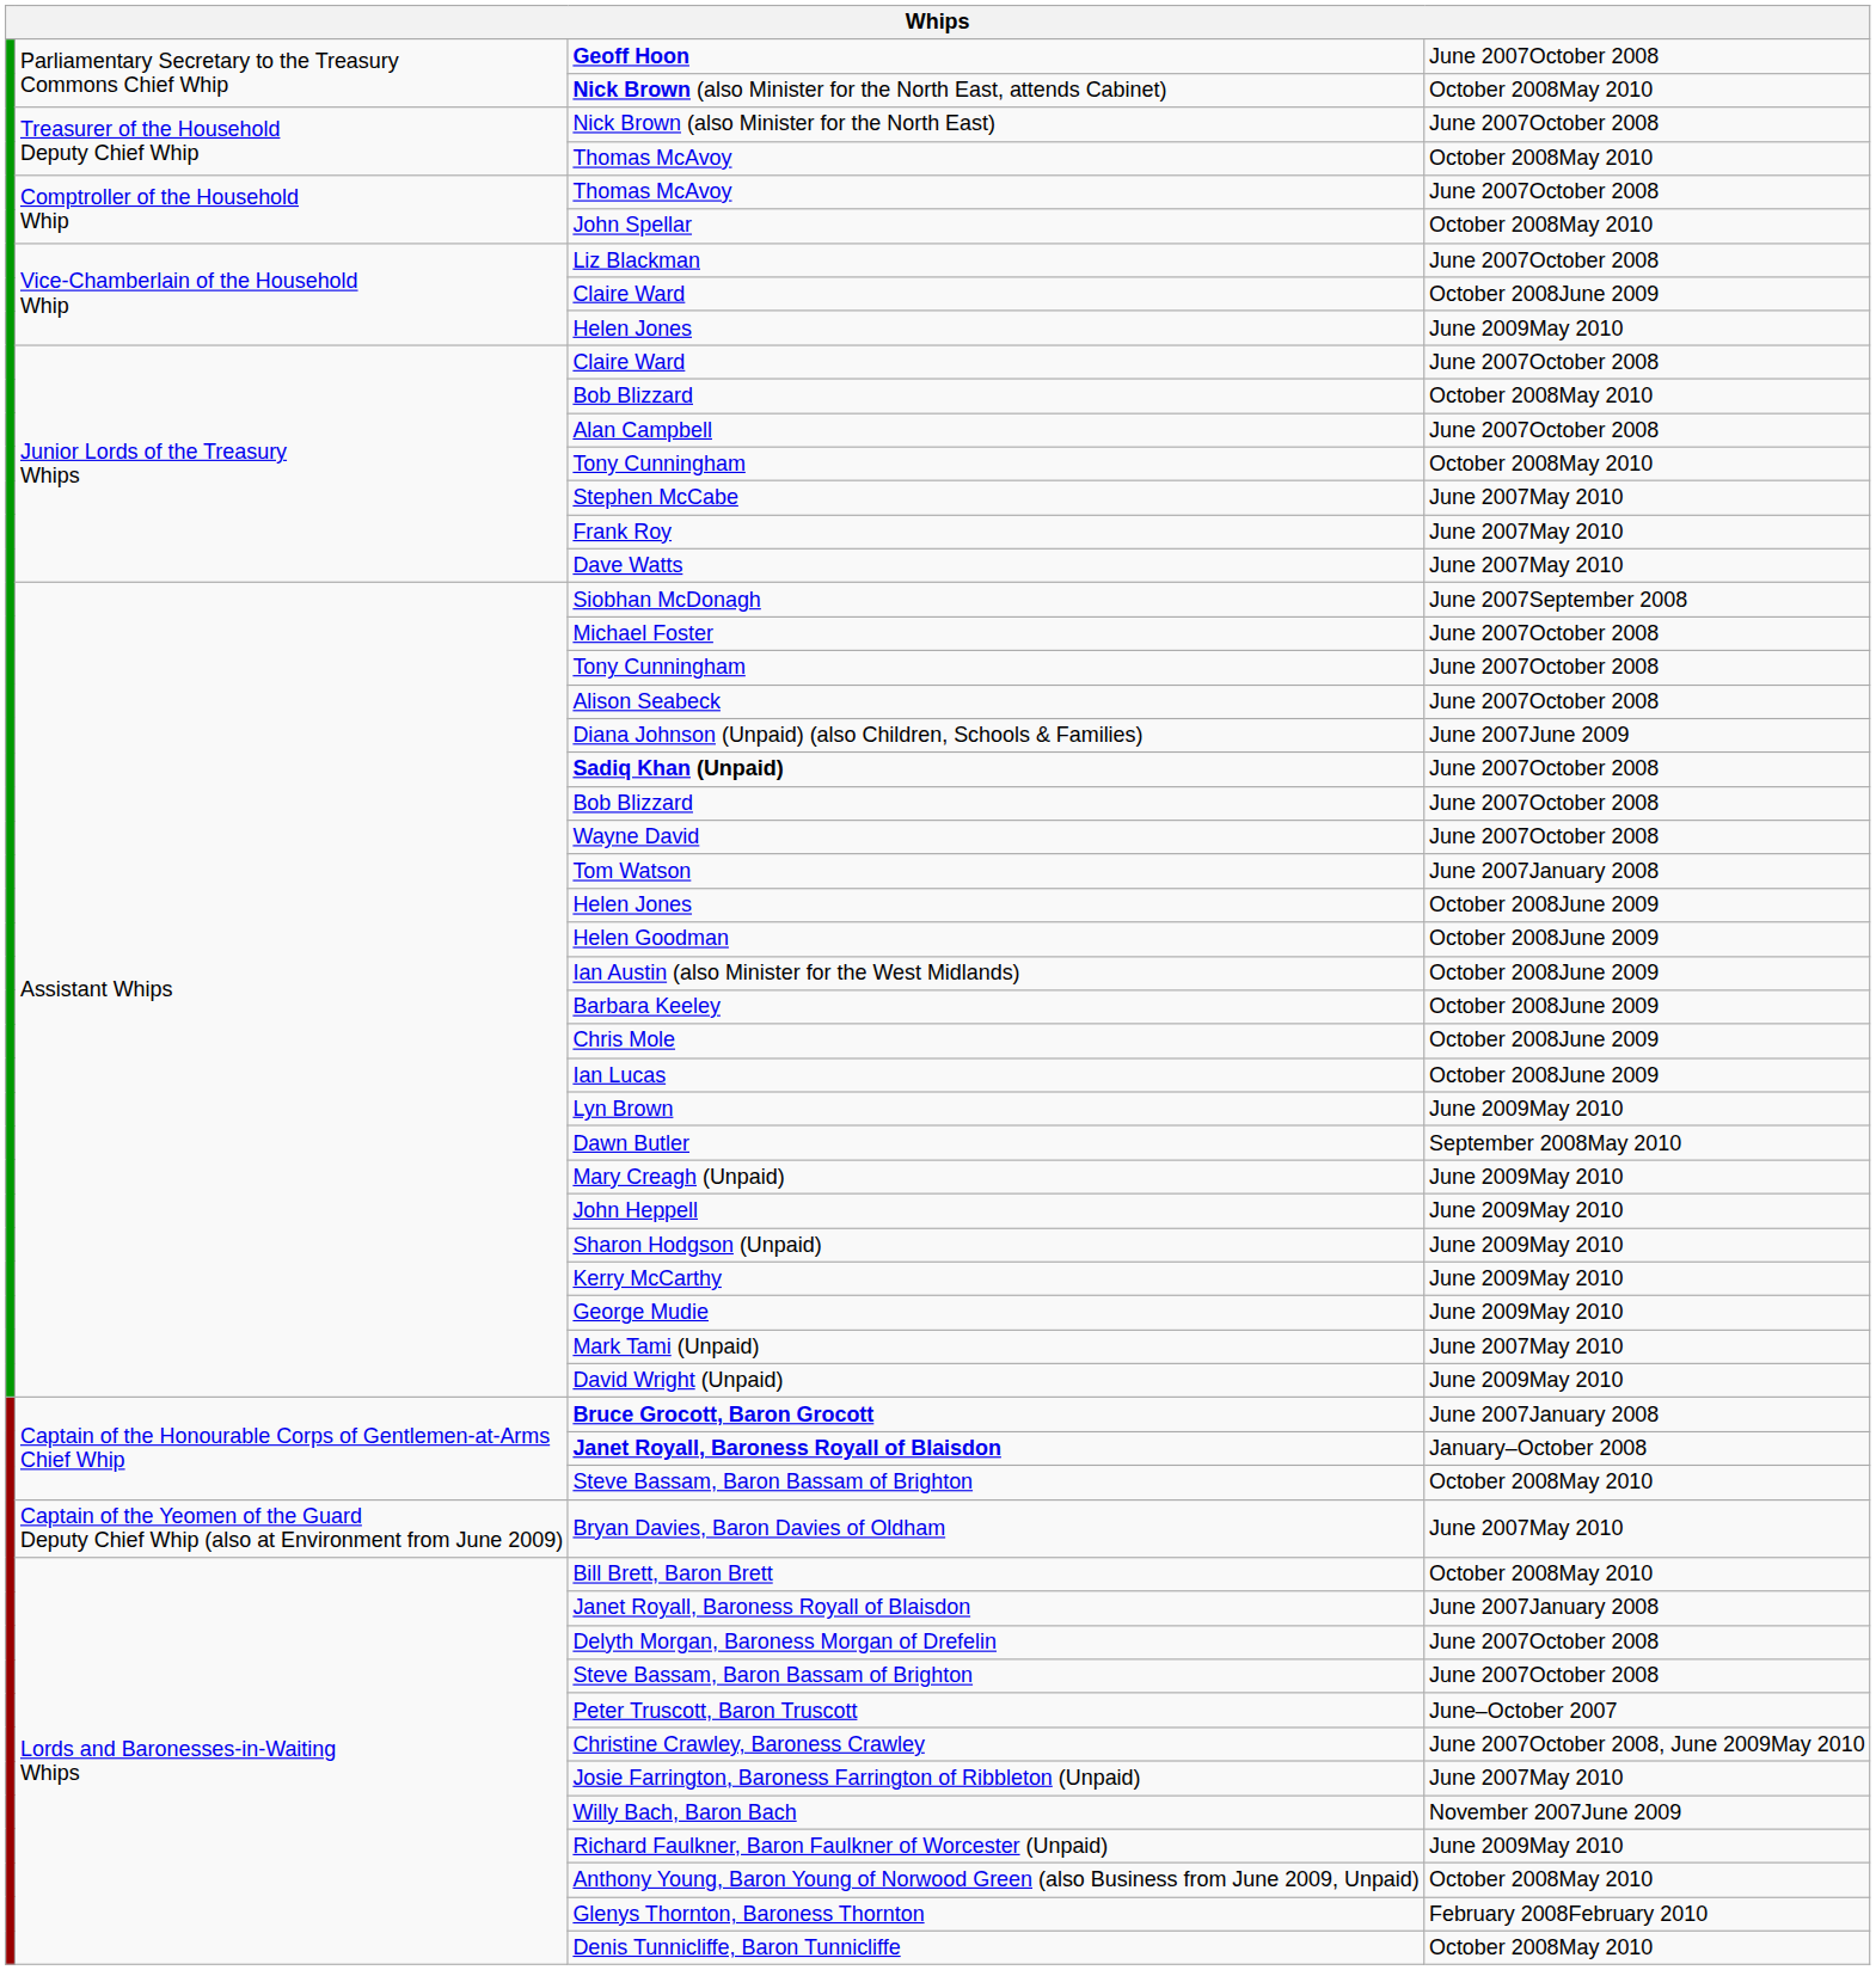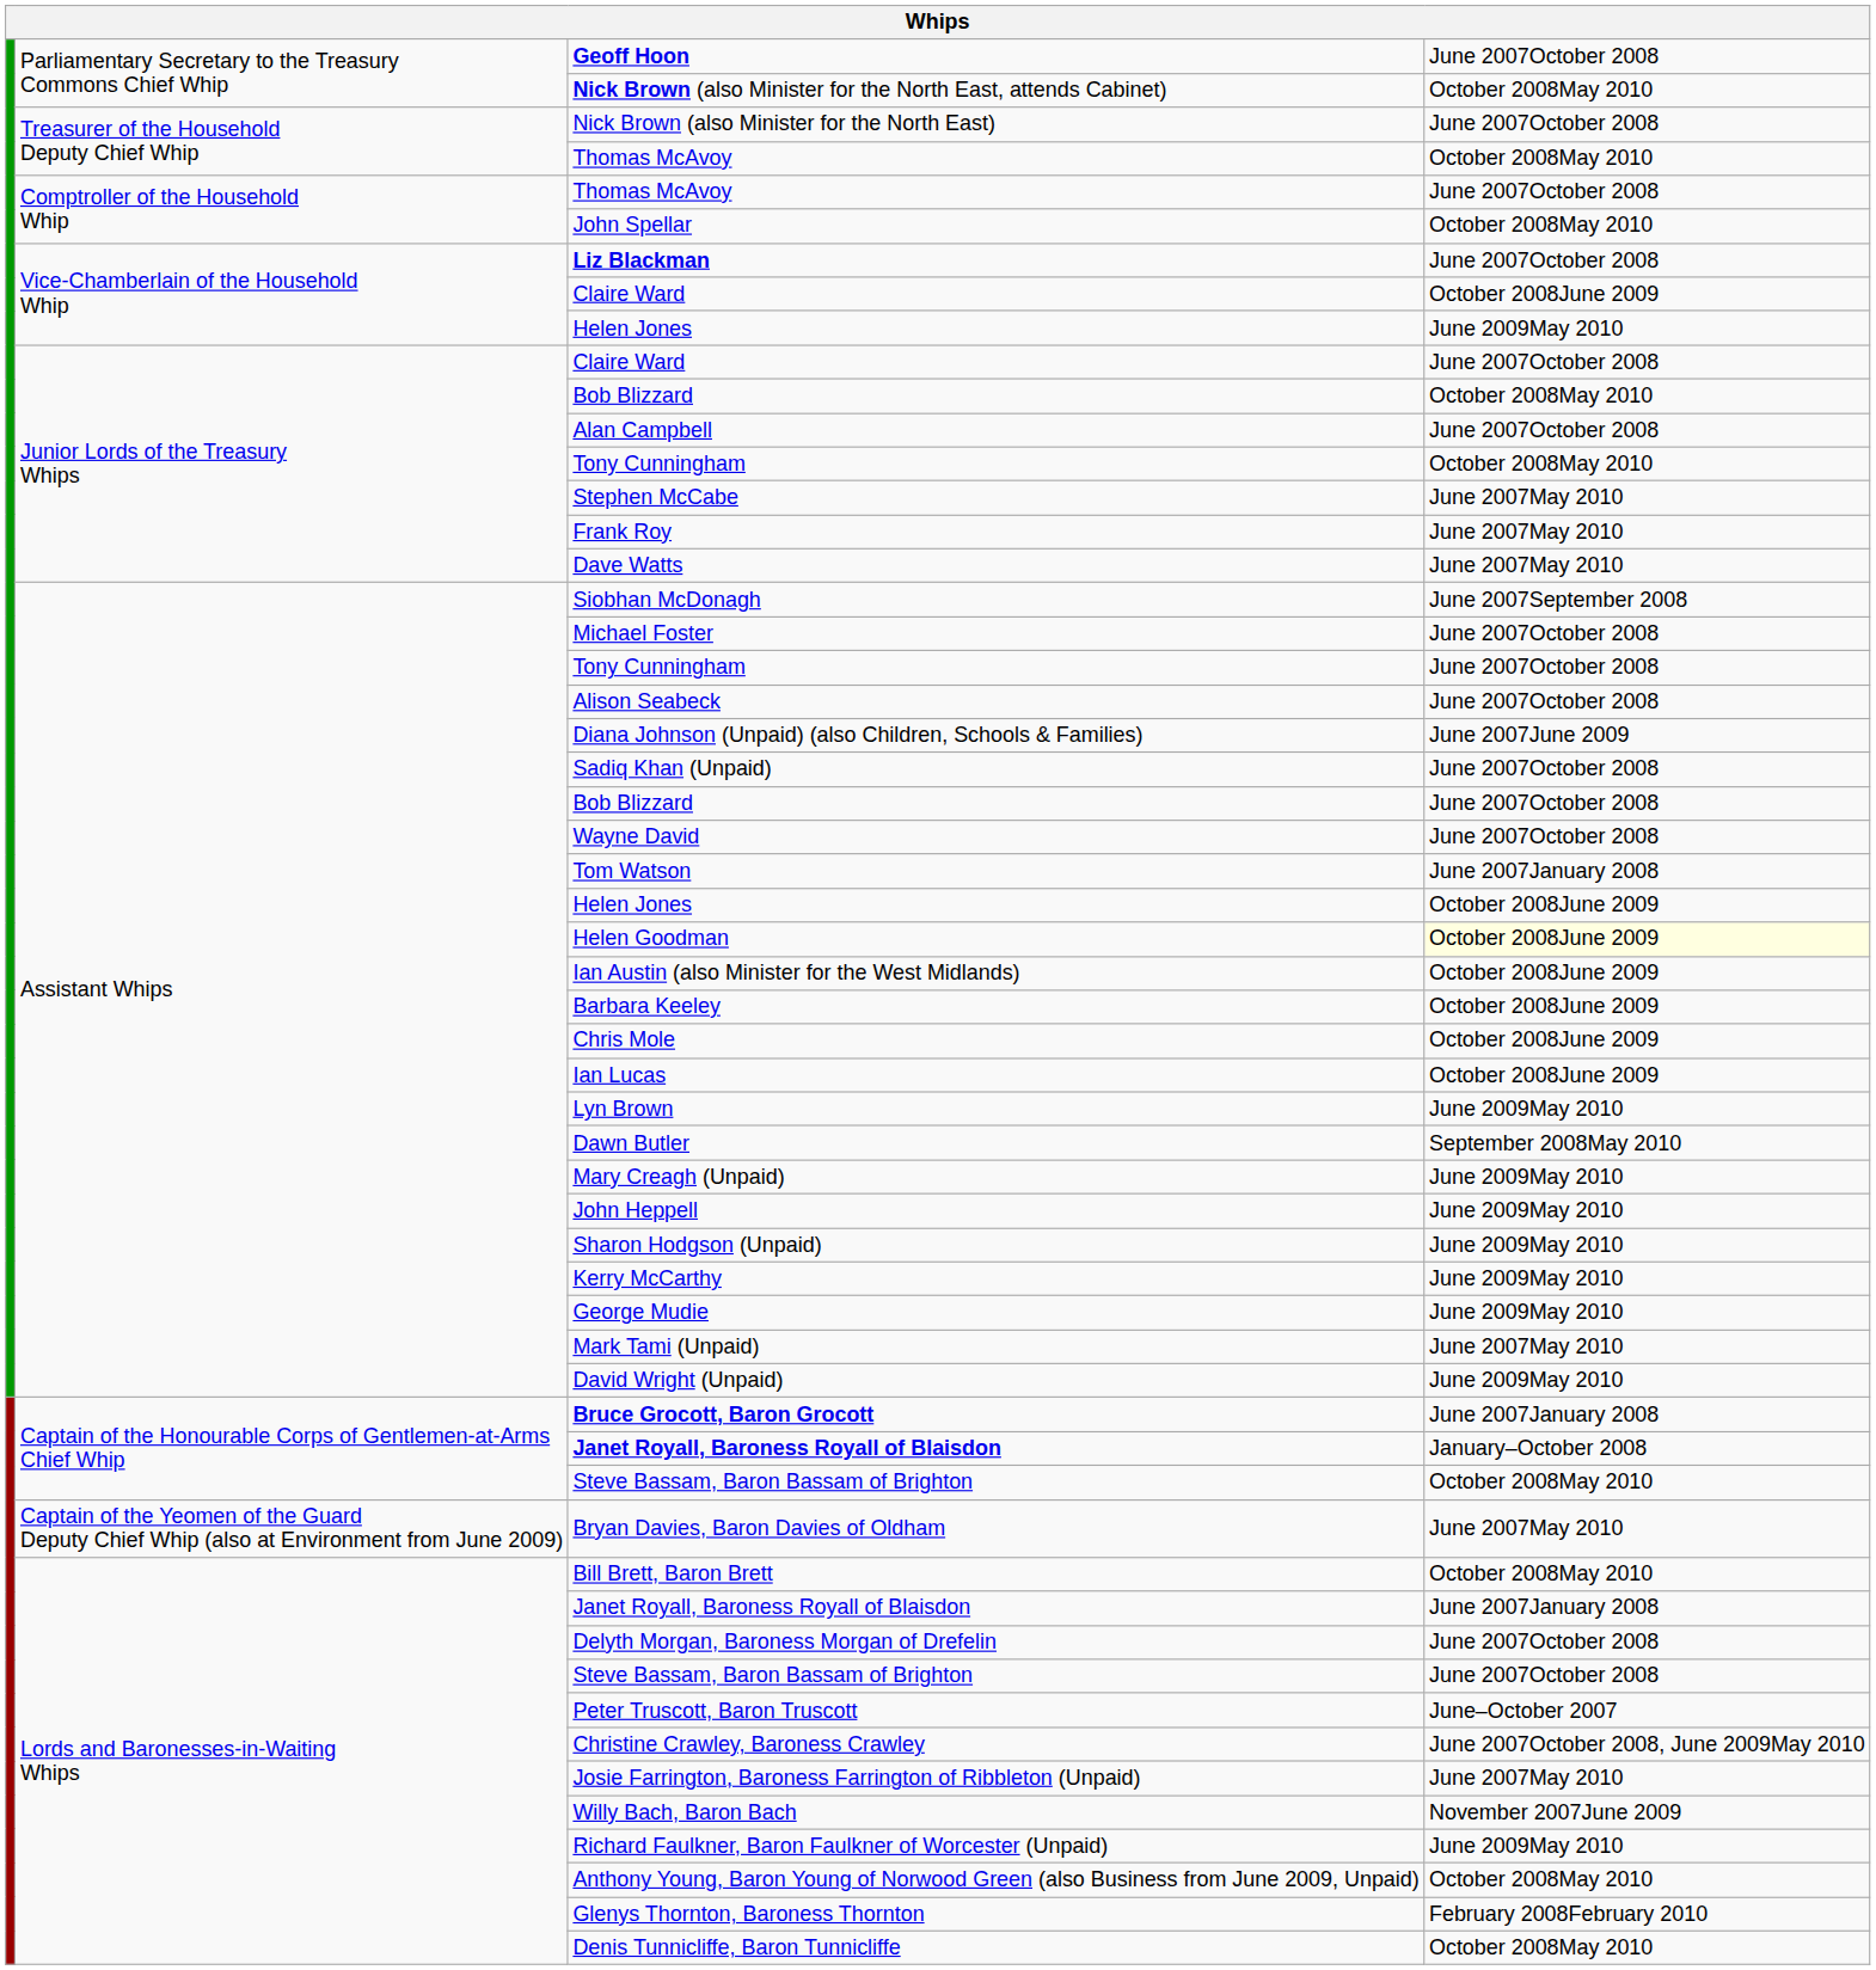 <table class="wikitable">
 <tr>
 <th colspan=4>Whips</th>
 </tr>
 <tr>
 <td rowspan=40 bgcolor="009900"></td>
 <td rowspan=2>Parliamentary Secretary to the Treasury<br>Commons Chief Whip</td>
 <td><strong><a href='#'>Geoff Hoon</a></strong></td>
 <td>June 2007October 2008</td>
 </tr>
 <tr>
 <td><strong><a href='#'>Nick Brown</a></strong> (also Minister for the North East, attends Cabinet)</td>
 <td>October 2008May 2010</td>
 </tr>
 <tr>
 <td rowspan=2><a href='#'>Treasurer of the Household</a><br>Deputy Chief Whip</td>
 <td><a href='#'>Nick Brown</a> (also Minister for the North East)</td>
 <td>June 2007October 2008</td>
 </tr>
 <tr>
 <td><a href='#'>Thomas McAvoy</a></td>
 <td>October 2008May 2010</td>
 </tr>
 <tr>
 <td rowspan=2><a href='#'>Comptroller of the Household</a><br>Whip</td>
 <td><a href='#'>Thomas McAvoy</a></td>
 <td>June 2007October 2008</td>
 </tr>
 <tr>
 <td><a href='#'>John Spellar</a></td>
 <td>October 2008May 2010</td>
 </tr>
 <tr>
 <td rowspan=3><a href='#'>Vice-Chamberlain of the Household</a><br>Whip</td>
-<td><a href='#'>Liz Blackman</a></td>
+<td><strong><a href='#'>Liz Blackman</a></strong></td>
 <td>June 2007October 2008</td>
 </tr>
 <tr>
 <td><a href='#'>Claire Ward</a></td>
 <td>October 2008June 2009</td>
 </tr>
 <tr>
 <td><a href='#'>Helen Jones</a></td>
 <td>June 2009May 2010</td>
 </tr>
 <tr>
 <td rowspan=7><a href='#'>Junior Lords of the Treasury</a><br>Whips</td>
 <td><a href='#'>Claire Ward</a></td>
 <td>June 2007October 2008</td>
 </tr>
 <tr>
 <td><a href='#'>Bob Blizzard</a></td>
 <td>October 2008May 2010</td>
 </tr>
 <tr>
 <td><a href='#'>Alan Campbell</a></td>
 <td>June 2007October 2008</td>
 </tr>
 <tr>
 <td><a href='#'>Tony Cunningham</a></td>
 <td>October 2008May 2010</td>
 </tr>
 <tr>
 <td><a href='#'>Stephen McCabe</a></td>
 <td>June 2007May 2010</td>
 </tr>
 <tr>
 <td><a href='#'>Frank Roy</a></td>
 <td>June 2007May 2010</td>
 </tr>
 <tr>
 <td><a href='#'>Dave Watts</a></td>
 <td>June 2007May 2010</td>
 </tr>
 <tr>
 <td rowspan=24>Assistant Whips</td>
 <td><a href='#'>Siobhan McDonagh</a></td>
 <td>June 2007September 2008</td>
 </tr>
 <tr>
 <td><a href='#'>Michael Foster</a></td>
 <td>June 2007October 2008</td>
 </tr>
 <tr>
 <td><a href='#'>Tony Cunningham</a></td>
 <td>June 2007October 2008</td>
 </tr>
 <tr>
 <td><a href='#'>Alison Seabeck</a></td>
 <td>June 2007October 2008</td>
 </tr>
 <tr>
 <td><a href='#'>Diana Johnson</a> (Unpaid) (also Children, Schools & Families)</td>
 <td>June 2007June 2009</td>
 </tr>
 <tr>
-<td><strong><a href='#'>Sadiq Khan</a> (Unpaid)</strong></td>
+<td><a href='#'>Sadiq Khan</a> (Unpaid)</td>
 <td>June 2007October 2008</td>
 </tr>
 <tr>
 <td><a href='#'>Bob Blizzard</a></td>
 <td>June 2007October 2008</td>
 </tr>
 <tr>
 <td><a href='#'>Wayne David</a></td>
 <td>June 2007October 2008</td>
 </tr>
 <tr>
 <td><a href='#'>Tom Watson</a></td>
 <td>June 2007January 2008</td>
 </tr>
 <tr>
 <td><a href='#'>Helen Jones</a></td>
 <td>October 2008June 2009</td>
 </tr>
 <tr>
 <td><a href='#'>Helen Goodman</a></td>
-<td>October 2008June 2009</td>
+<td style="background: lightyellow;">October 2008June 2009</td>
 </tr>
 <tr>
 <td><a href='#'>Ian Austin</a> (also Minister for the West Midlands)</td>
 <td>October 2008June 2009</td>
 </tr>
 <tr>
 <td><a href='#'>Barbara Keeley</a></td>
 <td>October 2008June 2009</td>
 </tr>
 <tr>
 <td><a href='#'>Chris Mole</a></td>
 <td>October 2008June 2009</td>
 </tr>
 <tr>
 <td><a href='#'>Ian Lucas</a></td>
 <td>October 2008June 2009</td>
 </tr>
 <tr>
 <td><a href='#'>Lyn Brown</a></td>
 <td>June 2009May 2010</td>
 </tr>
 <tr>
 <td><a href='#'>Dawn Butler</a></td>
 <td>September 2008May 2010</td>
 </tr>
 <tr>
 <td><a href='#'>Mary Creagh</a> (Unpaid)</td>
 <td>June 2009May 2010</td>
 </tr>
 <tr>
 <td><a href='#'>John Heppell</a></td>
 <td>June 2009May 2010</td>
 </tr>
 <tr>
 <td><a href='#'>Sharon Hodgson</a> (Unpaid)</td>
 <td>June 2009May 2010</td>
 </tr>
 <tr>
 <td><a href='#'>Kerry McCarthy</a></td>
 <td>June 2009May 2010</td>
 </tr>
 <tr>
 <td><a href='#'>George Mudie</a></td>
 <td>June 2009May 2010</td>
 </tr>
 <tr>
 <td><a href='#'>Mark Tami</a> (Unpaid)</td>
 <td>June 2007May 2010</td>
 </tr>
 <tr>
 <td><a href='#'>David Wright</a> (Unpaid)</td>
 <td>June 2009May 2010</td>
 </tr>
 <tr>
 <td rowspan=22 bgcolor="990000"></td>
 <td rowspan=3><a href='#'>Captain of the Honourable Corps of Gentlemen-at-Arms</a><br><a href='#'>Chief Whip</a></td>
 <td><strong><a href='#'>Bruce Grocott, Baron Grocott</a></strong></td>
 <td>June 2007January 2008</td>
 </tr>
 <tr>
 <td><strong><a href='#'>Janet Royall, Baroness Royall of Blaisdon</a></strong></td>
 <td>January–October 2008</td>
 </tr>
 <tr>
 <td><a href='#'>Steve Bassam, Baron Bassam of Brighton</a></td>
 <td>October 2008May 2010</td>
 </tr>
 <tr>
 <td><a href='#'>Captain of the Yeomen of the Guard</a><br>Deputy Chief Whip (also at Environment from June 2009)</td>
 <td><a href='#'>Bryan Davies, Baron Davies of Oldham</a></td>
 <td>June 2007May 2010</td>
 </tr>
 <tr>
 <td rowspan=12><a href='#'>Lords and Baronesses-in-Waiting</a><br>Whips</td>
 <td><a href='#'>Bill Brett, Baron Brett</a></td>
 <td>October 2008May 2010</td>
 </tr>
 <tr>
 <td><a href='#'>Janet Royall, Baroness Royall of Blaisdon</a></td>
 <td>June 2007January 2008</td>
 </tr>
 <tr>
 <td><a href='#'>Delyth Morgan, Baroness Morgan of Drefelin</a></td>
 <td>June 2007October 2008</td>
 </tr>
 <tr>
 <td><a href='#'>Steve Bassam, Baron Bassam of Brighton</a></td>
 <td>June 2007October 2008</td>
 </tr>
 <tr>
 <td><a href='#'>Peter Truscott, Baron Truscott</a></td>
 <td>June–October 2007</td>
 </tr>
 <tr>
 <td><a href='#'>Christine Crawley, Baroness Crawley</a></td>
 <td>June 2007October 2008, June 2009May 2010</td>
 </tr>
 <tr>
 <td><a href='#'>Josie Farrington, Baroness Farrington of Ribbleton</a> (Unpaid)</td>
 <td>June 2007May 2010</td>
 </tr>
 <tr>
 <td><a href='#'>Willy Bach, Baron Bach</a></td>
 <td>November 2007June 2009</td>
 </tr>
 <tr>
 <td><a href='#'>Richard Faulkner, Baron Faulkner of Worcester</a> (Unpaid)</td>
 <td>June 2009May 2010</td>
 </tr>
 <tr>
 <td><a href='#'>Anthony Young, Baron Young of Norwood Green</a> (also Business from June 2009, Unpaid)</td>
 <td>October 2008May 2010</td>
 </tr>
 <tr>
 <td><a href='#'>Glenys Thornton, Baroness Thornton</a></td>
 <td>February 2008February 2010</td>
 </tr>
 <tr>
 <td><a href='#'>Denis Tunnicliffe, Baron Tunnicliffe</a></td>
 <td>October 2008May 2010</td>
 </tr>
 </table>
